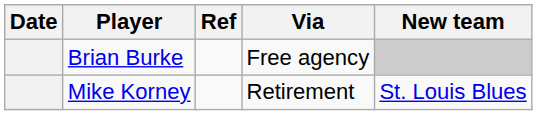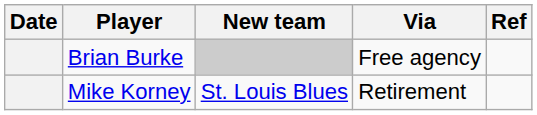 <table class="wikitable plainrowheaders">
 <tr style="background:#ddd; text-align:center;">
 <th>Date</th>
 <th>Player</th>
+<th>New team</th>
+<th>Via</th>
 <th>Ref</th>
-<th>Via</th>
-<th>New team</th>
 </tr>
 <tr>
 <th scope="row"></th>
 <td><a href='#'>Brian Burke</a></td>
+<td style="background:#ccc"></td>
+<td>Free agency</td>
 <td></td>
-<td>Free agency</td>
-<td style="background:#ccc"></td>
 </tr>
 <tr>
 <th scope="row"></th>
 <td><a href='#'>Mike Korney</a></td>
+<td><a href='#'>St. Louis Blues</a></td>
+<td>Retirement</td>
 <td></td>
-<td>Retirement</td>
-<td><a href='#'>St. Louis Blues</a></td>
 </tr>
 </table>
